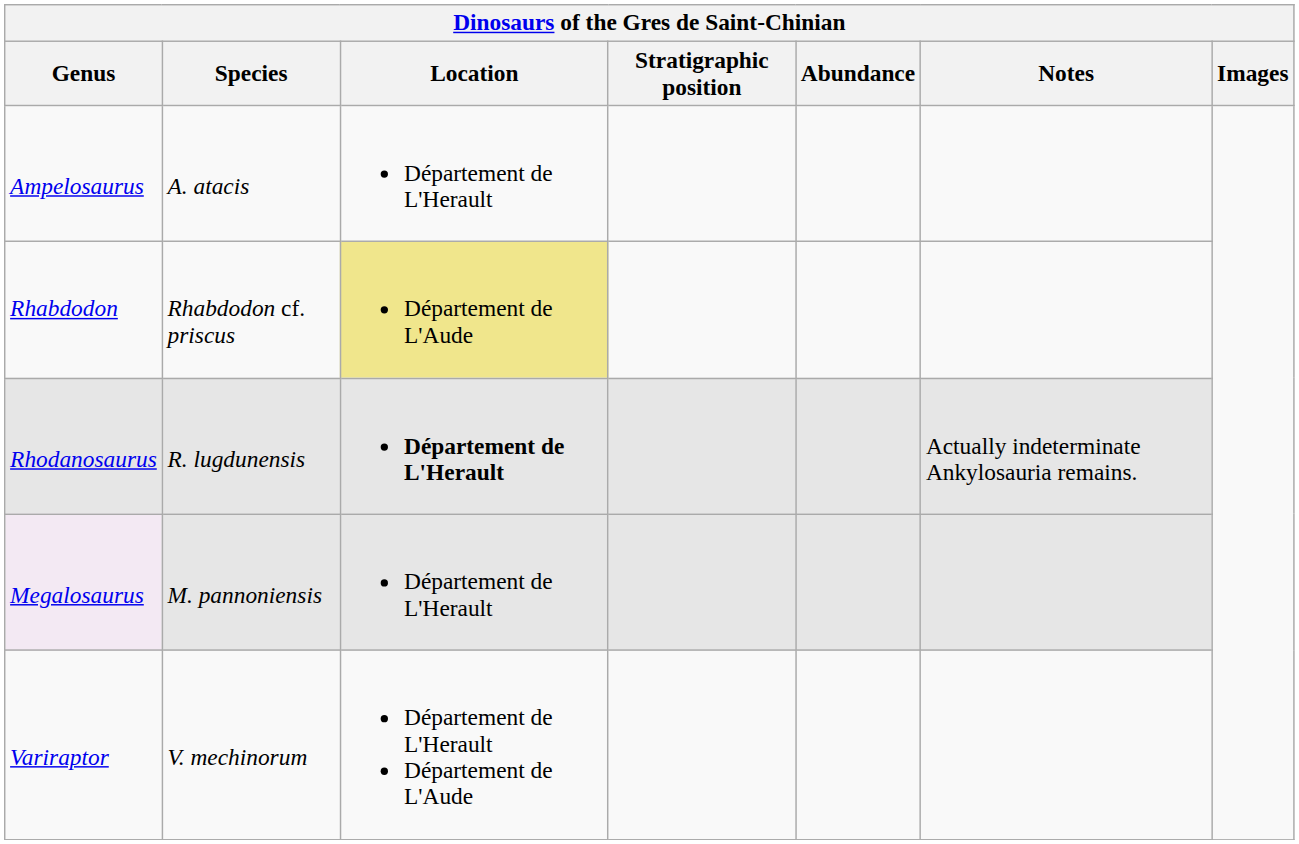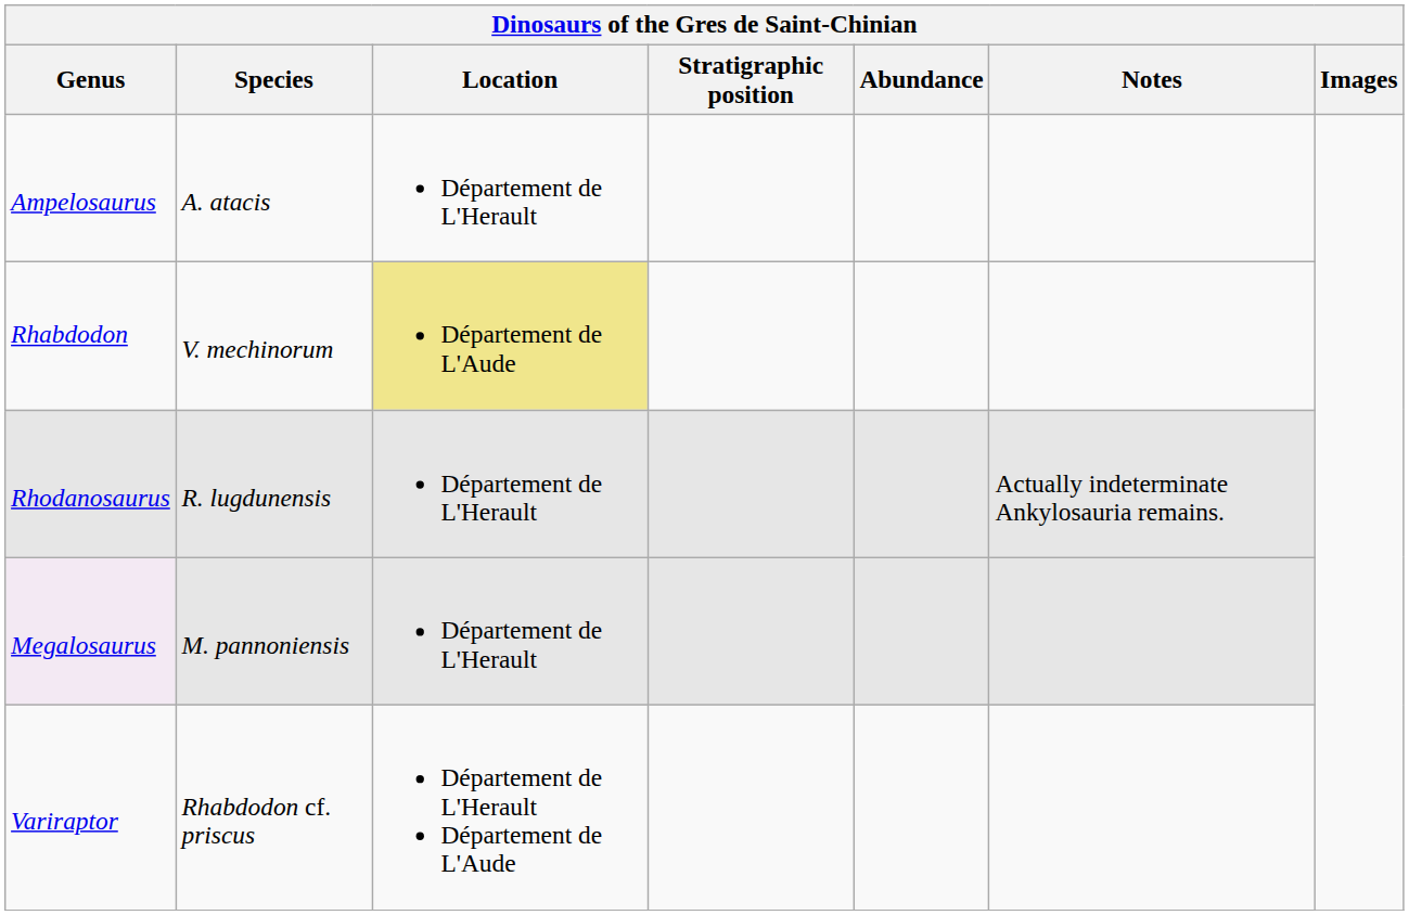 <table class="wikitable" align="center" width="100%">
 <tr>
 <th colspan="7" align="center"><strong><a href='#'>Dinosaurs</a> of the Gres de Saint-Chinian</strong></th>
 </tr>
 <tr>
 <th>Genus</th>
 <th>Species</th>
 <th>Location</th>
 <th>Stratigraphic position</th>
 <th>Abundance</th>
 <th>Notes</th>
 <th>Images</th>
 </tr>
 <tr>
 <td><br><em><a href='#'>Ampelosaurus</a></em></td>
 <td><br><em>A. atacis</em></td>
 <td><br><ul><li>Département de L'Herault</li></ul></td>
 <td></td>
 <td></td>
 <td></td>
 <td rowspan="99"><br><br><br></td>
 </tr>
 <tr>
 <td><em><a href='#'>Rhabdodon</a></em></td>
-<td><br><em>Rhabdodon</em> cf. <em>priscus</em></td>
+<td><br><em>V. mechinorum</em></td>
 <td style="background: khaki;"><br><ul><li>Département de L'Aude</li></ul></td>
 <td></td>
 <td></td>
 <td></td>
 </tr>
 <tr>
 <td style="background:#E6E6E6;"><br><em><a href='#'>Rhodanosaurus</a></em></td>
 <td style="background:#E6E6E6;"><br><em> R. lugdunensis</em></td>
-<td style="background:#E6E6E6;"><strong><br><ul><li>Département de L'Herault</li></ul></strong></td>
+<td style="background:#E6E6E6;"><br><ul><li>Département de L'Herault</li></ul></td>
 <td style="background:#E6E6E6;"></td>
 <td style="background:#E6E6E6;"></td>
 <td style="background:#E6E6E6;"><br>Actually indeterminate Ankylosauria remains.</td>
 </tr>
 <tr>
 <td style="background:#f3e9f3;"><br><em><a href='#'>Megalosaurus</a></em></td>
 <td style="background:#E6E6E6;"><br><em>M. pannoniensis</em></td>
 <td style="background:#E6E6E6;"><br><ul><li>Département de L'Herault</li></ul></td>
 <td style="background:#E6E6E6;"></td>
 <td style="background:#E6E6E6;"></td>
 <td style="background:#E6E6E6;"></td>
 </tr>
 <tr>
 <td><br><em><a href='#'>Variraptor</a></em></td>
-<td><br><em>V. mechinorum</em></td>
+<td><br><em>Rhabdodon</em> cf. <em>priscus</em></td>
 <td><br><ul><li>Département de L'Herault</li><li>Département de L'Aude</li></ul></td>
 <td></td>
 <td></td>
 <td></td>
 </tr>
 <tr>
 </tr>
 </table>
